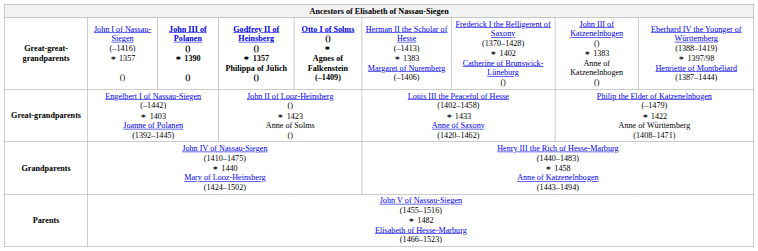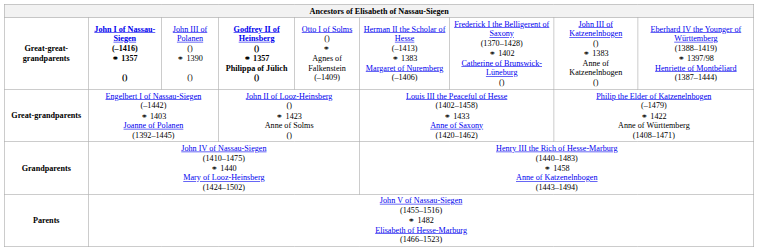 <table class="wikitable" style="background:#FFFFFF; font-size:85%; text-align:center">
 <tr bgcolor="#E0E0E0">
 <th colspan="9">Ancestors of Elisabeth of Nassau-Siegen</th>
 </tr>
 <tr>
 <td><strong>Great-great-grandparents</strong></td>
-<td colspan="1"><a href='#'>John I of Nassau-Siegen</a><br>(–1416)<br>⚭ 1357<br><br>()</td>
-<td colspan="1"><strong><a href='#'>John III of Polanen</a><br>()<br>⚭ 1390<br><br>()</strong></td>
+<td colspan="1"><strong><a href='#'>John I of Nassau-Siegen</a><br>(–1416)<br>⚭ 1357<br><br>()</strong></td>
+<td colspan="1"><a href='#'>John III of Polanen</a><br>()<br>⚭ 1390<br><br>()</td>
 <td colspan="1"><strong><a href='#'>Godfrey II of Heinsberg</a><br>()<br>⚭ 1357<br>Philippa of Jülich<br>()</strong></td>
-<td colspan="1"><strong><a href='#'>Otto I of Solms</a><br>()<br>⚭<br>Agnes of Falkenstein<br>(–1409)</strong></td>
+<td colspan="1"><a href='#'>Otto I of Solms</a><br>()<br>⚭<br>Agnes of Falkenstein<br>(–1409)</td>
 <td colspan="1"><a href='#'>Herman II the Scholar of Hesse</a><br>(–1413)<br>⚭ 1383<br><a href='#'>Margaret of Nuremberg</a><br>(–1406)</td>
 <td colspan="1"><a href='#'>Frederick I the Belligerent of Saxony</a><br>(1370–1428)<br>⚭ 1402<br><a href='#'>Catherine of Brunswick-Lüneburg</a><br>()</td>
 <td colspan="1"><a href='#'>John III of Katzenelnbogen</a><br>()<br>⚭ 1383<br>Anne of Katzenelnbogen<br>()</td>
 <td colspan="1"><a href='#'>Eberhard IV the Younger of Württemberg</a><br>(1388–1419)<br>⚭ 1397/98<br><a href='#'>Henriette of Montbéliard</a><br>(1387–1444)</td>
 </tr>
 <tr>
 <td><strong>Great-grandparents</strong></td>
 <td colspan="2"><a href='#'>Engelbert I of Nassau-Siegen</a><br>(–1442)<br>⚭ 1403<br><a href='#'>Joanne of Polanen</a><br>(1392–1445)</td>
 <td colspan="2"><a href='#'>John II of Looz-Heinsberg</a><br>()<br>⚭ 1423<br>Anne of Solms<br>()</td>
 <td colspan="2"><a href='#'>Louis III the Peaceful of Hesse</a><br>(1402–1458)<br>⚭ 1433<br><a href='#'>Anne of Saxony</a><br>(1420–1462)</td>
 <td colspan="2"><a href='#'>Philip the Elder of Katzenelnbogen</a><br>(–1479)<br>⚭ 1422<br>Anne of Württemberg<br>(1408–1471)</td>
 </tr>
 <tr>
 <td><strong>Grandparents</strong></td>
 <td colspan="4"><a href='#'>John IV of Nassau-Siegen</a><br>(1410–1475)<br>⚭ 1440<br><a href='#'>Mary of Looz-Heinsberg</a><br>(1424–1502)</td>
 <td colspan="4"><a href='#'>Henry III the Rich of Hesse-Marburg</a><br>(1440–1483)<br>⚭ 1458<br><a href='#'>Anne of Katzenelnbogen</a><br>(1443–1494)</td>
 </tr>
 <tr>
 <td><strong>Parents</strong></td>
 <td colspan="8"><a href='#'>John V of Nassau-Siegen</a><br>(1455–1516)<br>⚭ 1482<br><a href='#'>Elisabeth of Hesse-Marburg</a><br>(1466–1523)</td>
 </tr>
 </table>
